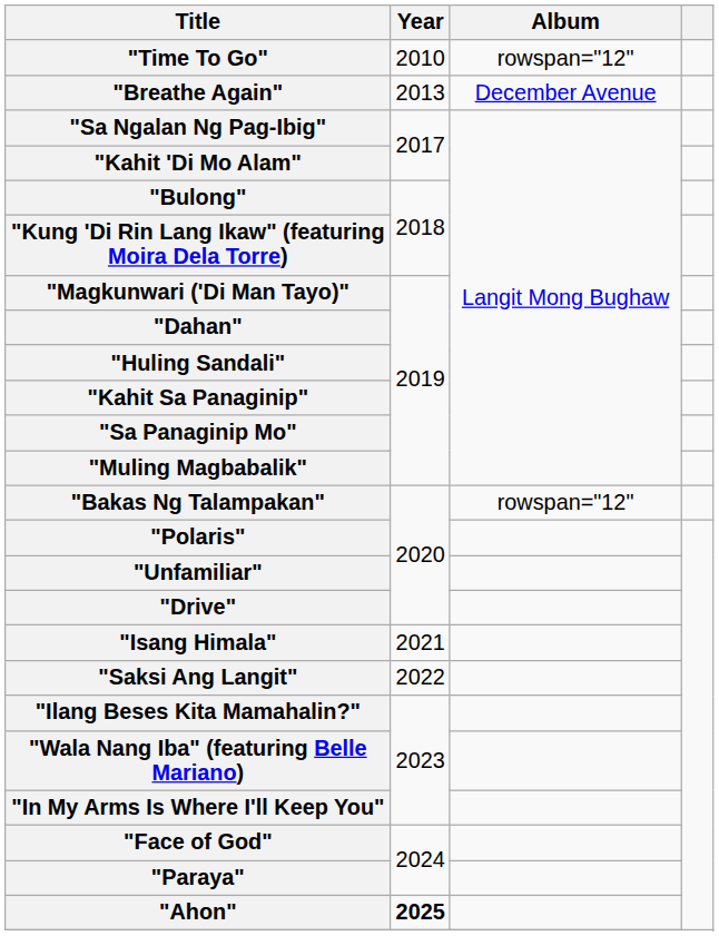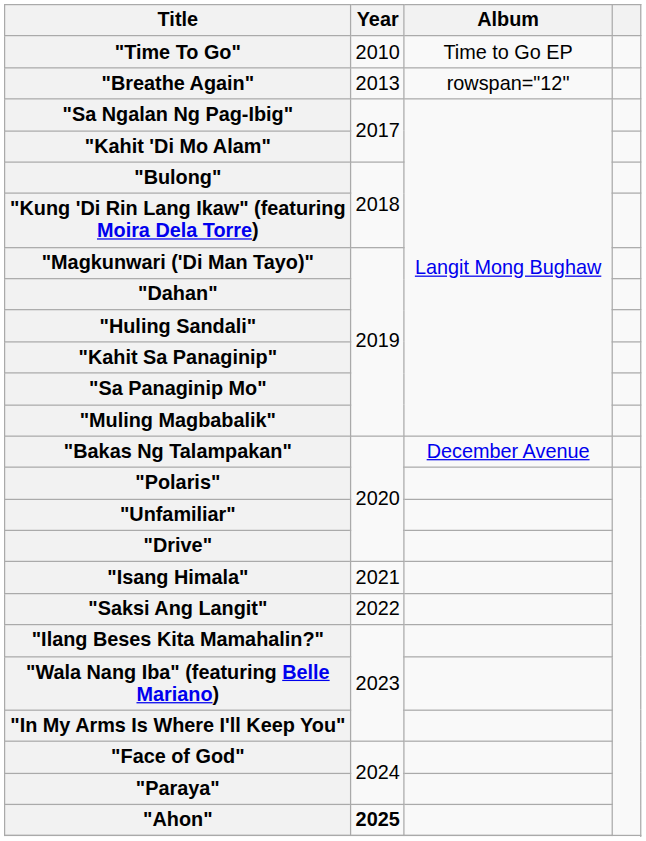 <table class="wikitable plainrowheaders" style="text-align:center;">
 <tr>
 <th scope="col" style="width:17em;">Title</th>
 <th scope="col">Year</th>
 <th scope="col" style="width:10em;">Album</th>
 <th scope="col" class="unsortable" style="width:1em;"></th>
 </tr>
 <tr>
 <th scope="row">"Time To Go"</th>
 <td>2010</td>
-<td>rowspan="12" </td>
+<td>Time to Go EP</td>
 <td></td>
 </tr>
 <tr>
 <th scope="row">"Breathe Again"</th>
 <td>2013</td>
-<td><a href='#'>December Avenue</a></td>
+<td>rowspan="12" </td>
 <td></td>
 </tr>
 <tr>
 <th scope="row">"Sa Ngalan Ng Pag-Ibig"</th>
 <td rowspan="2">2017</td>
 <td rowspan="10"><a href='#'>Langit Mong Bughaw</a></td>
 <td></td>
 </tr>
 <tr>
 <th scope="row">"Kahit 'Di Mo Alam"</th>
 <td></td>
 </tr>
 <tr>
 <th scope="row">"Bulong"</th>
 <td rowspan="2">2018</td>
 <td></td>
 </tr>
 <tr>
 <th scope="row">"Kung 'Di Rin Lang Ikaw" <span>(featuring <a href='#'>Moira Dela Torre</a>)</span></th>
 <td></td>
 </tr>
 <tr>
 <th scope="row">"Magkunwari ('Di Man Tayo)"</th>
 <td rowspan="6">2019</td>
 <td></td>
 </tr>
 <tr>
 <th scope="row">"Dahan"</th>
 <td></td>
 </tr>
 <tr>
 <th scope="row">"Huling Sandali"</th>
 <td></td>
 </tr>
 <tr>
 <th scope="row">"Kahit Sa Panaginip"</th>
 <td></td>
 </tr>
 <tr>
 <th scope="row">"Sa Panaginip Mo"</th>
 <td></td>
 </tr>
 <tr>
 <th scope="row">"Muling Magbabalik"</th>
 <td></td>
 </tr>
 <tr>
 <th scope="row">"Bakas Ng Talampakan"</th>
 <td rowspan="4">2020</td>
-<td>rowspan="12" </td>
+<td><a href='#'>December Avenue</a></td>
 <td></td>
 </tr>
 <tr>
 <th scope="row">"Polaris"</th>
 <td></td>
 </tr>
 <tr>
 <th scope="row">"Unfamiliar"</th>
 <td></td>
 </tr>
 <tr>
 <th scope="row">"Drive"</th>
 <td></td>
 </tr>
 <tr>
 <th scope="row">"Isang Himala"</th>
 <td>2021</td>
 <td></td>
 </tr>
 <tr>
 <th scope="row">"Saksi Ang Langit"</th>
 <td>2022</td>
 <td></td>
 </tr>
 <tr>
 <th scope="row">"Ilang Beses Kita Mamahalin?"</th>
 <td rowspan="3">2023</td>
 <td></td>
 </tr>
 <tr>
 <th scope="row">"Wala Nang Iba" <span>(featuring <a href='#'>Belle Mariano</a>)</span></th>
 <td></td>
 </tr>
 <tr>
 <th scope="row">"In My Arms Is Where I'll Keep You"</th>
 <td></td>
 </tr>
 <tr>
 <th scope="row">"Face of God"</th>
 <td rowspan="2">2024</td>
 <td></td>
 </tr>
 <tr>
 <th scope="row">"Paraya"</th>
 <td></td>
 </tr>
 <tr>
 <th scope="row">"Ahon" </th>
 <td><strong>2025</strong></td>
 <td></td>
 </tr>
 <tr>
 </tr>
 </table>
